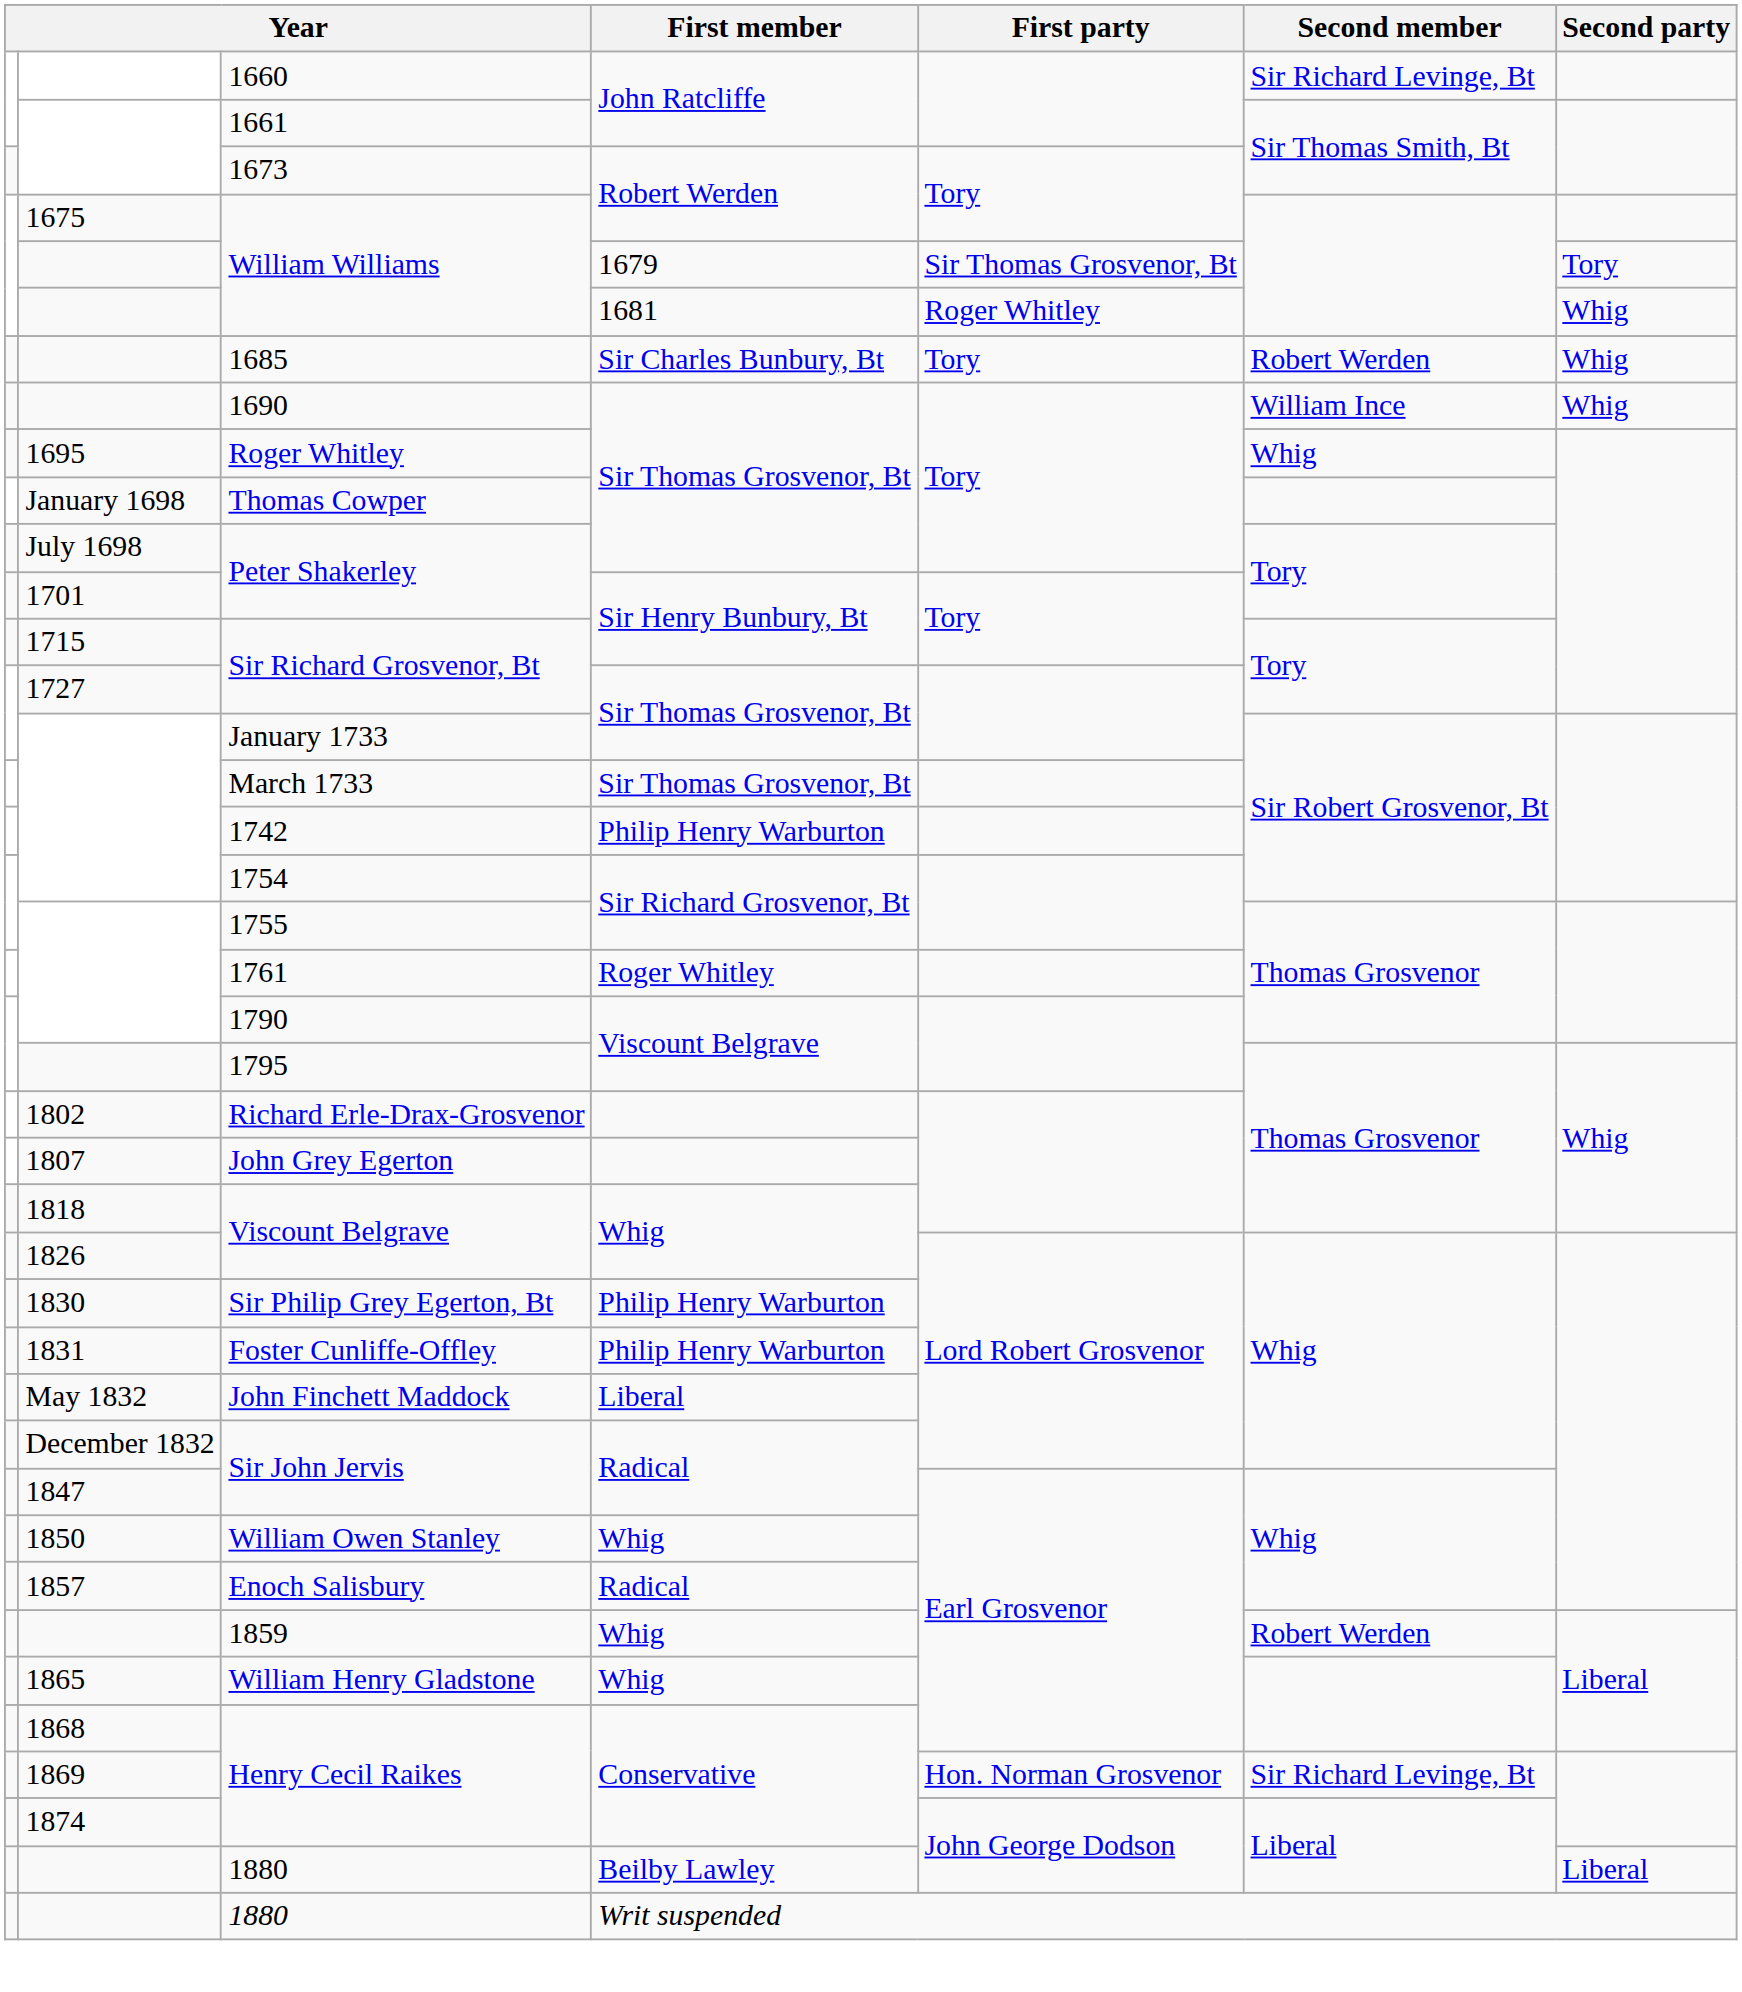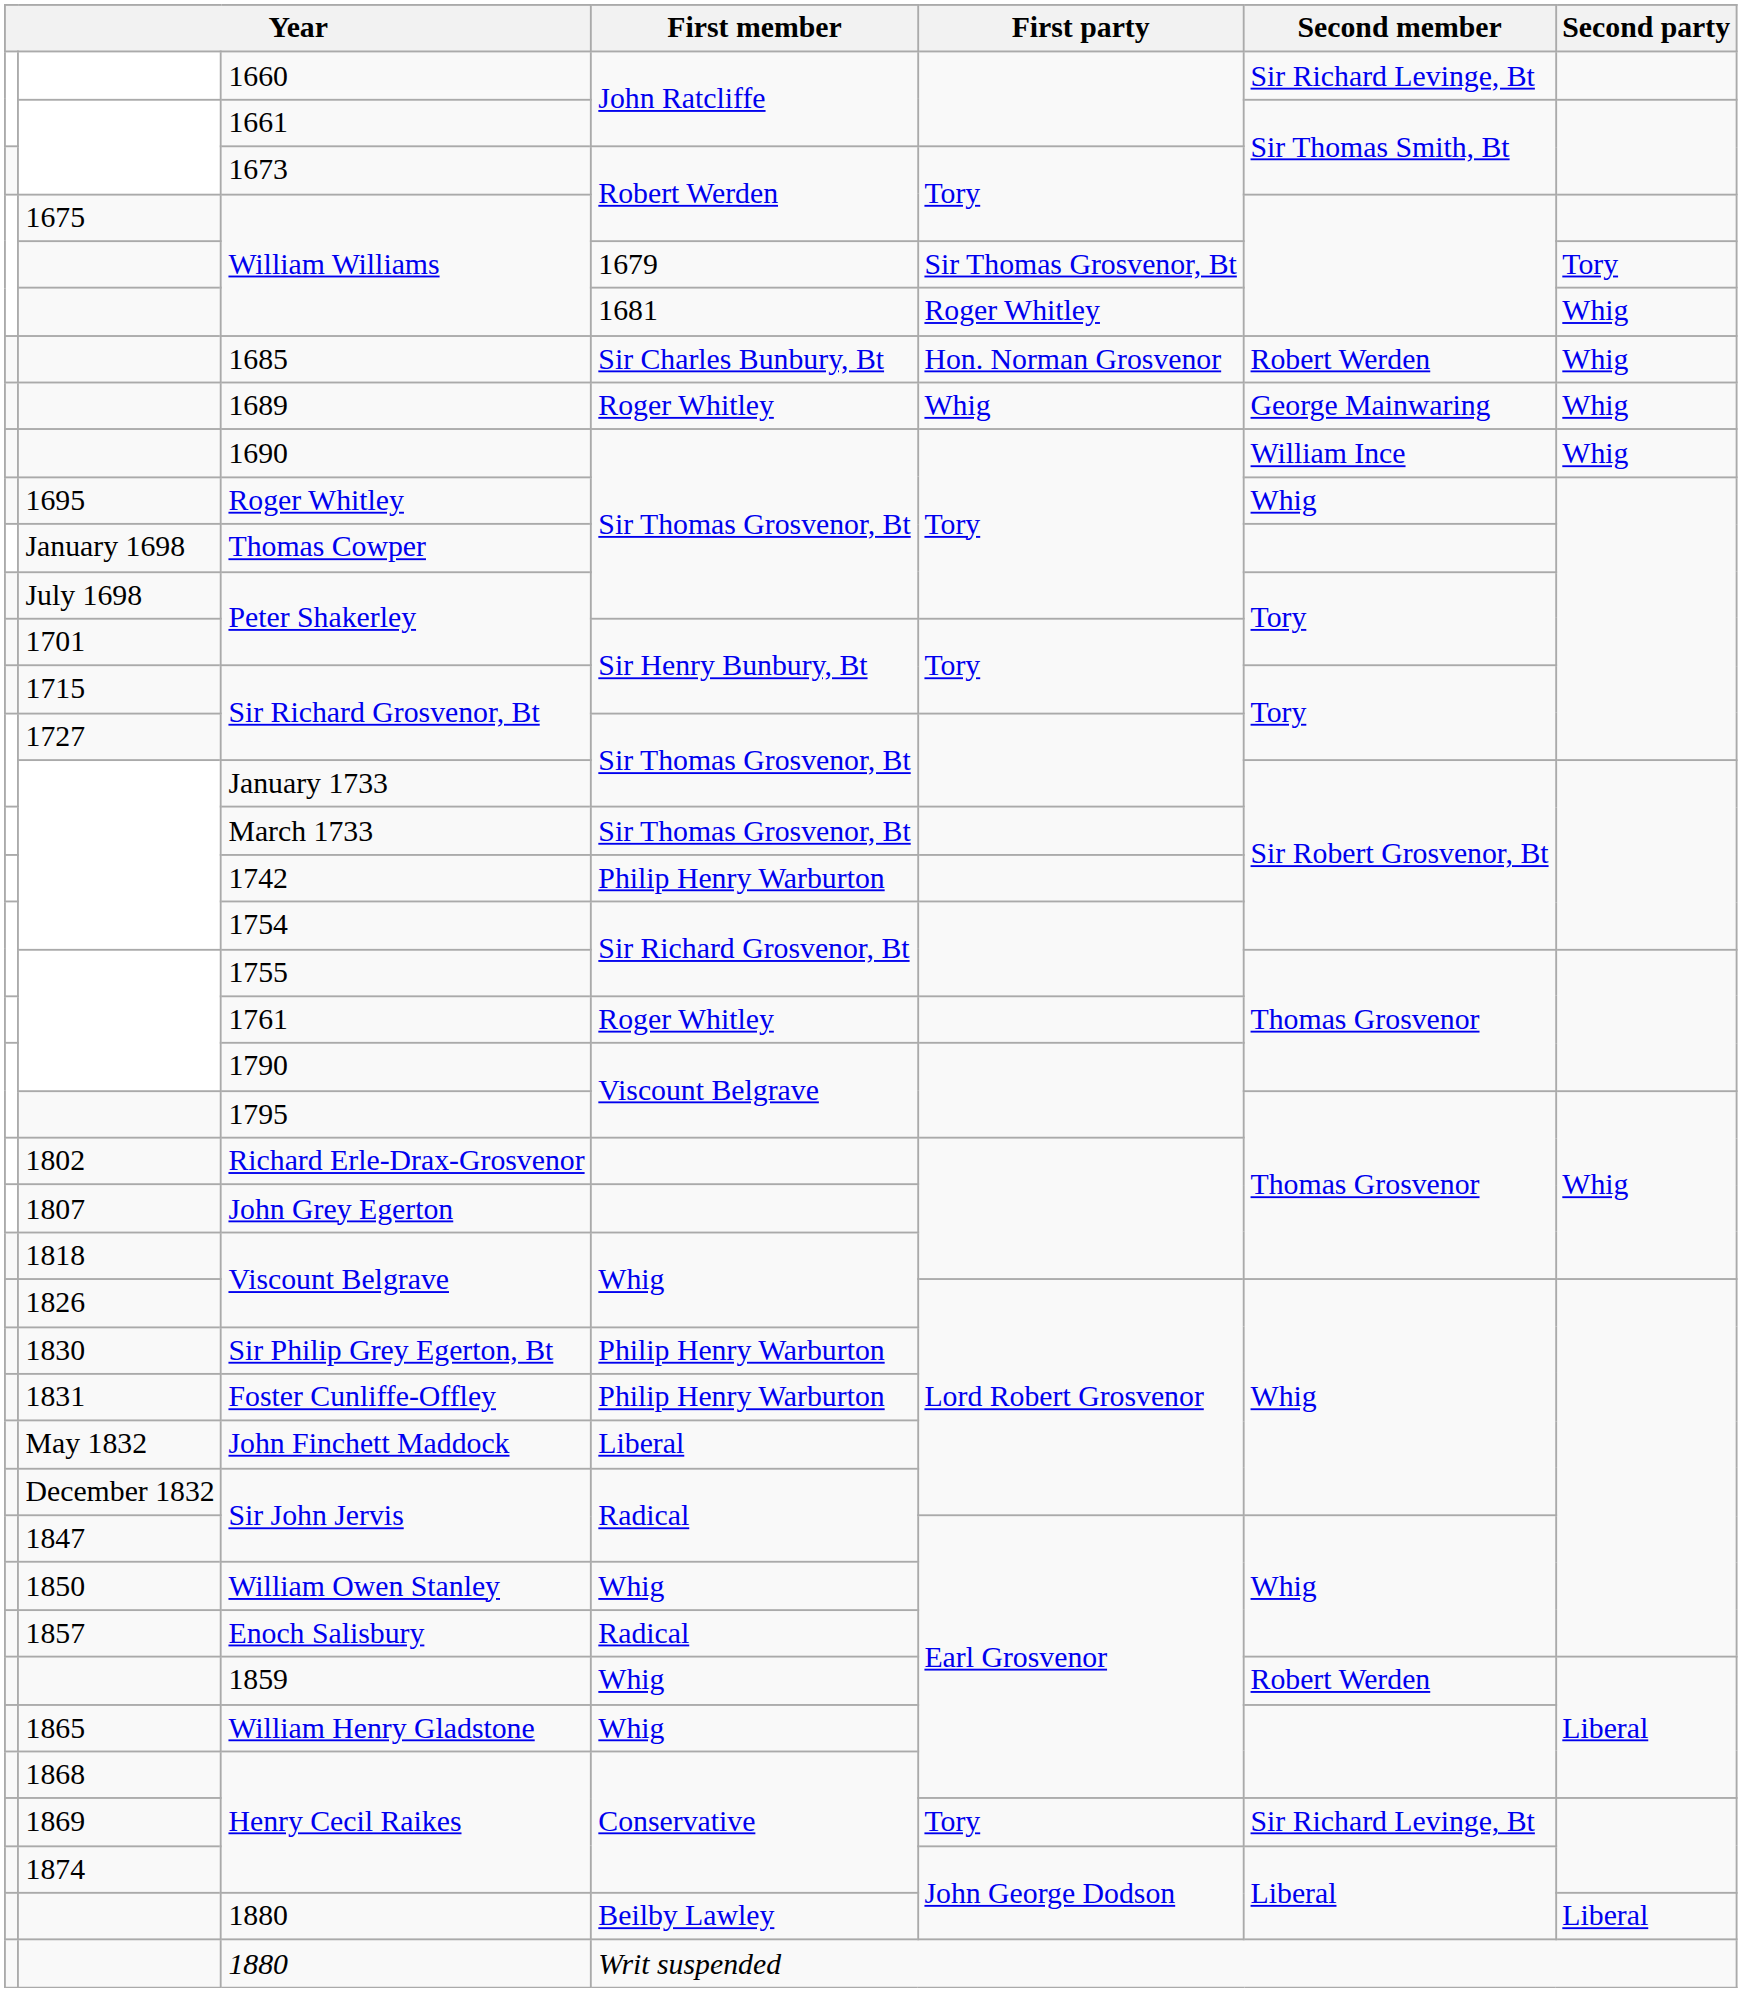 <table class="wikitable">
 <tr>
 <th colspan="3">Year</th>
 <th>First member</th>
 <th>First party</th>
 <th>Second member</th>
 <th>Second party</th>
 </tr>
 <tr>
 <td style="color:inherit;background-color: white" rowspan="2"></td>
 <td style="color:inherit;background-color: white"></td>
 <td>1660</td>
 <td rowspan="2"><a href='#'>John Ratcliffe</a></td>
 <td rowspan="2"></td>
 <td><a href='#'>Sir Richard Levinge, Bt</a></td>
 <td></td>
 </tr>
 <tr>
 <td style="color:inherit;background-color: white" rowspan="2"></td>
 <td>1661</td>
 <td rowspan="2"><a href='#'>Sir Thomas Smith, Bt</a></td>
 <td rowspan="2"></td>
 </tr>
 <tr>
 <td style="color:inherit;background-color: "></td>
 <td>1673</td>
 <td rowspan="2"><a href='#'>Robert Werden</a></td>
 <td rowspan="2"><a href='#'>Tory</a></td>
 </tr>
 <tr>
 <td style="color:inherit;background-color: white" rowspan="3"></td>
 <td>1675</td>
 <td rowspan="3"><a href='#'>William Williams</a></td>
 <td rowspan="3"></td>
 </tr>
 <tr>
 <td style="color:inherit;background-color: "></td>
 <td>1679</td>
 <td><a href='#'>Sir Thomas Grosvenor, Bt</a></td>
 <td><a href='#'>Tory</a></td>
 </tr>
 <tr>
 <td style="color:inherit;background-color: "></td>
 <td>1681</td>
 <td><a href='#'>Roger Whitley</a></td>
 <td><a href='#'>Whig</a></td>
 </tr>
 <tr>
 <td style="color:inherit;background-color: "></td>
 <td style="color:inherit;background-color: "></td>
 <td>1685</td>
 <td><a href='#'>Sir Charles Bunbury, Bt</a></td>
-<td><a href='#'>Tory</a></td>
+<td><a href='#'>Hon. Norman Grosvenor</a></td>
 <td><a href='#'>Robert Werden</a></td>
+<td><a href='#'>Whig</a></td>
+</tr>
+<tr>
+<td style="color:inherit;background-color: "></td>
+<td style="color:inherit;background-color: "></td>
+<td>1689</td>
+<td><a href='#'>Roger Whitley</a></td>
+<td><a href='#'>Whig</a></td>
+<td><a href='#'>George Mainwaring</a></td>
 <td><a href='#'>Whig</a></td>
 </tr>
 <tr>
 <td style="color:inherit;background-color: "></td>
 <td style="color:inherit;background-color: "></td>
 <td>1690</td>
 <td rowspan="4"><a href='#'>Sir Thomas Grosvenor, Bt</a></td>
 <td rowspan="4"><a href='#'>Tory</a></td>
 <td><a href='#'>William Ince</a></td>
 <td><a href='#'>Whig</a></td>
 </tr>
 <tr>
 <td style="color:inherit;background-color: "></td>
 <td>1695</td>
 <td><a href='#'>Roger Whitley</a></td>
 <td><a href='#'>Whig</a></td>
 </tr>
 <tr>
 <td style="color:inherit;background-color: white"></td>
 <td>January 1698</td>
 <td><a href='#'>Thomas Cowper</a></td>
 <td></td>
 </tr>
 <tr>
 <td style="color:inherit;background-color: "></td>
 <td>July 1698</td>
 <td rowspan="2"><a href='#'>Peter Shakerley</a></td>
 <td rowspan="2"><a href='#'>Tory</a></td>
 </tr>
 <tr>
 <td style="color:inherit;background-color: "></td>
 <td>1701</td>
 <td rowspan="2"><a href='#'>Sir Henry Bunbury, Bt</a></td>
 <td rowspan="2"><a href='#'>Tory</a></td>
 </tr>
 <tr>
 <td style="color:inherit;background-color:"></td>
 <td>1715</td>
 <td rowspan="2"><a href='#'>Sir Richard Grosvenor, Bt</a></td>
 <td rowspan="2"><a href='#'>Tory</a></td>
 </tr>
 <tr>
 <td style="color:inherit;background-color: white" rowspan="2"></td>
 <td>1727</td>
 <td rowspan="2"><a href='#'>Sir Thomas Grosvenor, Bt</a></td>
 <td rowspan="2"></td>
 </tr>
 <tr>
 <td style="color:inherit;background-color: white" rowspan="4"></td>
 <td>January 1733</td>
 <td rowspan="4"><a href='#'>Sir Robert Grosvenor, Bt</a></td>
 <td rowspan="4"></td>
 </tr>
 <tr>
 <td style="color:inherit;background-color: white"></td>
 <td>March 1733</td>
 <td><a href='#'>Sir Thomas Grosvenor, Bt</a></td>
 <td></td>
 </tr>
 <tr>
 <td style="color:inherit;background-color: white"></td>
 <td>1742</td>
 <td><a href='#'>Philip Henry Warburton</a></td>
 <td></td>
 </tr>
 <tr>
 <td style="color:inherit;background-color: white" rowspan="2"></td>
 <td>1754</td>
 <td rowspan="2"><a href='#'>Sir Richard Grosvenor, Bt</a></td>
 <td rowspan="2"></td>
 </tr>
 <tr>
 <td style="color:inherit;background-color: white" rowspan="3"></td>
 <td>1755</td>
 <td rowspan="3"><a href='#'>Thomas Grosvenor</a></td>
 <td rowspan="3"></td>
 </tr>
 <tr>
 <td style="color:inherit;background-color: white"></td>
 <td>1761</td>
 <td><a href='#'>Roger Whitley</a></td>
 <td></td>
 </tr>
 <tr>
 <td style="color:inherit;background-color: white" rowspan="2"></td>
 <td>1790</td>
 <td rowspan="2"><a href='#'>Viscount Belgrave</a></td>
 <td rowspan="2"></td>
 </tr>
 <tr>
 <td style="color:inherit;background-color: "></td>
 <td>1795</td>
 <td rowspan="4"><a href='#'>Thomas Grosvenor</a></td>
 <td rowspan="4"><a href='#'>Whig</a></td>
 </tr>
 <tr>
 <td style="color:inherit;background-color: white"></td>
 <td>1802</td>
 <td><a href='#'>Richard Erle-Drax-Grosvenor</a></td>
 <td></td>
 </tr>
 <tr>
 <td style="color:inherit;background-color: white"></td>
 <td>1807</td>
 <td><a href='#'>John Grey Egerton</a></td>
 <td></td>
 </tr>
 <tr>
 <td style="color:inherit;background-color: "></td>
 <td>1818</td>
 <td rowspan="2"><a href='#'>Viscount Belgrave</a></td>
 <td rowspan="2"><a href='#'>Whig</a></td>
 </tr>
 <tr>
 <td style="color:inherit;background-color: "></td>
 <td>1826</td>
 <td rowspan="5"><a href='#'>Lord Robert Grosvenor</a></td>
 <td rowspan="5"><a href='#'>Whig</a></td>
 </tr>
 <tr>
 <td style="color:inherit;background-color: "></td>
 <td>1830</td>
 <td><a href='#'>Sir Philip Grey Egerton, Bt</a></td>
 <td><a href='#'>Philip Henry Warburton</a></td>
 </tr>
 <tr>
 <td style="color:inherit;background-color: "></td>
 <td>1831</td>
 <td><a href='#'>Foster Cunliffe-Offley</a></td>
 <td><a href='#'>Philip Henry Warburton</a></td>
 </tr>
 <tr>
 <td style="color:inherit;background-color: "></td>
 <td>May 1832</td>
 <td><a href='#'>John Finchett Maddock</a></td>
 <td><a href='#'>Liberal</a></td>
 </tr>
 <tr>
 <td style="color:inherit;background-color: "></td>
 <td>December 1832</td>
 <td rowspan="2"><a href='#'>Sir John Jervis</a></td>
 <td rowspan="2"><a href='#'>Radical</a></td>
 </tr>
 <tr>
 <td style="color:inherit;background-color: "></td>
 <td>1847</td>
 <td rowspan="6"><a href='#'>Earl Grosvenor</a></td>
 <td rowspan="3"><a href='#'>Whig</a></td>
 </tr>
 <tr>
 <td style="color:inherit;background-color: "></td>
 <td>1850</td>
 <td><a href='#'>William Owen Stanley</a></td>
 <td><a href='#'>Whig</a></td>
 </tr>
 <tr>
 <td style="color:inherit;background-color: "></td>
 <td>1857</td>
 <td><a href='#'>Enoch Salisbury</a></td>
 <td><a href='#'>Radical</a></td>
 </tr>
 <tr>
 <td style="color:inherit;background-color: "></td>
 <td style="color:inherit;background-color: "></td>
 <td>1859</td>
 <td><a href='#'>Whig</a></td>
 <td><a href='#'>Robert Werden</a></td>
 <td rowspan="3"><a href='#'>Liberal</a></td>
 </tr>
 <tr>
 <td style="color:inherit;background-color: "></td>
 <td>1865</td>
 <td><a href='#'>William Henry Gladstone</a></td>
 <td><a href='#'>Whig</a></td>
 </tr>
 <tr>
 <td style="color:inherit;background-color: "></td>
 <td>1868</td>
 <td rowspan="3"><a href='#'>Henry Cecil Raikes</a></td>
 <td rowspan="3"><a href='#'>Conservative</a></td>
 </tr>
 <tr>
 <td style="color:inherit;background-color: "></td>
 <td>1869</td>
-<td><a href='#'>Hon. Norman Grosvenor</a></td>
+<td><a href='#'>Tory</a></td>
 <td><a href='#'>Sir Richard Levinge, Bt</a></td>
 </tr>
 <tr>
 <td style="color:inherit;background-color: "></td>
 <td>1874</td>
 <td rowspan="2"><a href='#'>John George Dodson</a></td>
 <td rowspan="2"><a href='#'>Liberal</a></td>
 </tr>
 <tr>
 <td style="color:inherit;background-color: "></td>
 <td style="color:inherit;background-color: "></td>
 <td>1880</td>
 <td><a href='#'>Beilby Lawley</a></td>
 <td><a href='#'>Liberal</a></td>
 </tr>
 <tr>
 <td></td>
 <td></td>
 <td><em>1880</em></td>
 <td colspan="4"><em>Writ suspended</em></td>
 </tr>
 </table>
